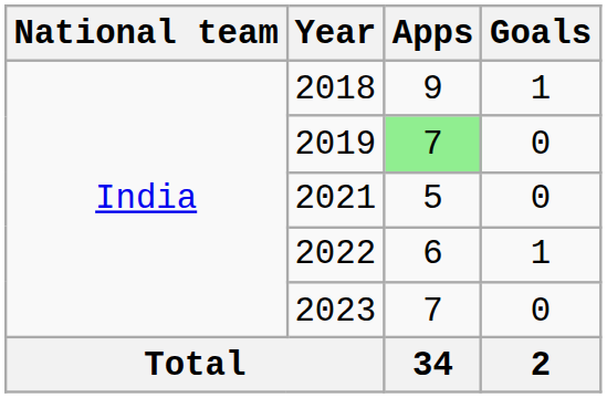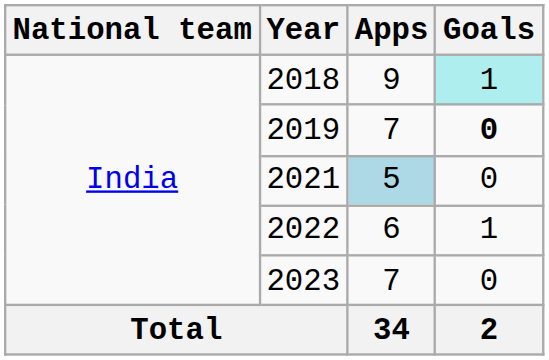 <table class="wikitable" style="text-align: center;">
 <tr>
 <th>National team</th>
 <th>Year</th>
 <th>Apps</th>
 <th>Goals</th>
 </tr>
 <tr>
 <td rowspan="5"><a href='#'>India</a></td>
 <td>2018</td>
 <td>9</td>
-<td>1</td>
+<td style="background: paleturquoise;">1</td>
 </tr>
 <tr>
 <td>2019</td>
-<td style="background: lightgreen;">7</td>
-<td>0</td>
+<td>7</td>
+<td><strong>0</strong></td>
 </tr>
 <tr>
 <td>2021</td>
-<td>5</td>
+<td style="background: lightblue;">5</td>
 <td>0</td>
 </tr>
 <tr>
 <td>2022</td>
 <td>6</td>
 <td>1</td>
 </tr>
 <tr>
 <td>2023</td>
 <td>7</td>
 <td>0</td>
 </tr>
 <tr>
 <th colspan="2">Total</th>
 <th>34</th>
 <th>2</th>
 </tr>
 </table>
